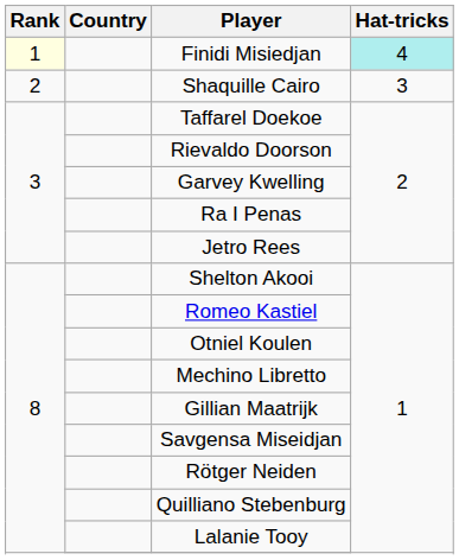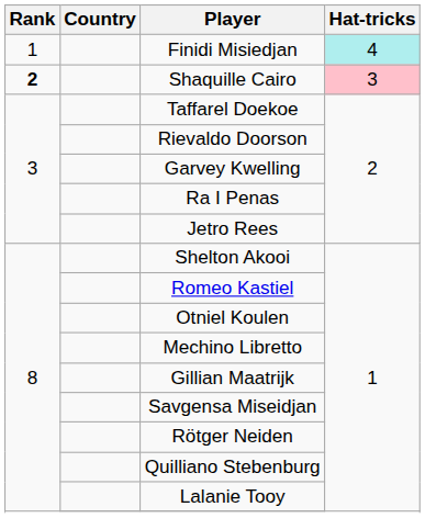 <table class="wikitable" style="text-align:center;">
 <tr>
 <th>Rank</th>
 <th>Country</th>
 <th>Player</th>
 <th>Hat-tricks</th>
 </tr>
 <tr>
-<td rowspan=1 style="background: lightyellow;">1</td>
+<td rowspan=1>1</td>
 <td></td>
 <td>Finidi Misiedjan</td>
 <td rowspan=1 style="background: paleturquoise;">4</td>
 </tr>
 <tr>
-<td rowspan=1>2</td>
+<td rowspan=1><strong>2</strong></td>
 <td></td>
 <td>Shaquille Cairo</td>
-<td rowspan=1>3</td>
+<td rowspan=1 style="background: pink;">3</td>
 </tr>
 <tr>
 <td rowspan=5>3</td>
 <td></td>
 <td>Taffarel Doekoe</td>
 <td rowspan=5>2</td>
 </tr>
 <tr>
 <td></td>
 <td>Rievaldo Doorson</td>
 </tr>
 <tr>
 <td></td>
 <td>Garvey Kwelling</td>
 </tr>
 <tr>
 <td></td>
 <td>Ra I Penas</td>
 </tr>
 <tr>
 <td></td>
 <td>Jetro Rees</td>
 </tr>
 <tr>
 <td rowspan=10>8</td>
 <td></td>
 <td>Shelton Akooi</td>
 <td rowspan=10>1</td>
 </tr>
 <tr>
 <td></td>
 <td><a href='#'>Romeo Kastiel</a></td>
 </tr>
 <tr>
 <td></td>
 <td>Otniel Koulen</td>
 </tr>
 <tr>
 <td></td>
 <td>Mechino Libretto</td>
 </tr>
 <tr>
 <td></td>
 <td>Gillian Maatrijk</td>
 </tr>
 <tr>
 <td></td>
 <td>Savgensa Miseidjan</td>
 </tr>
 <tr>
 <td></td>
 <td>Rötger Neiden</td>
 </tr>
 <tr>
 <td></td>
 <td>Quilliano Stebenburg</td>
 </tr>
 <tr>
 <td></td>
 <td>Lalanie Tooy</td>
 </tr>
 <tr>
 </tr>
 </table>
